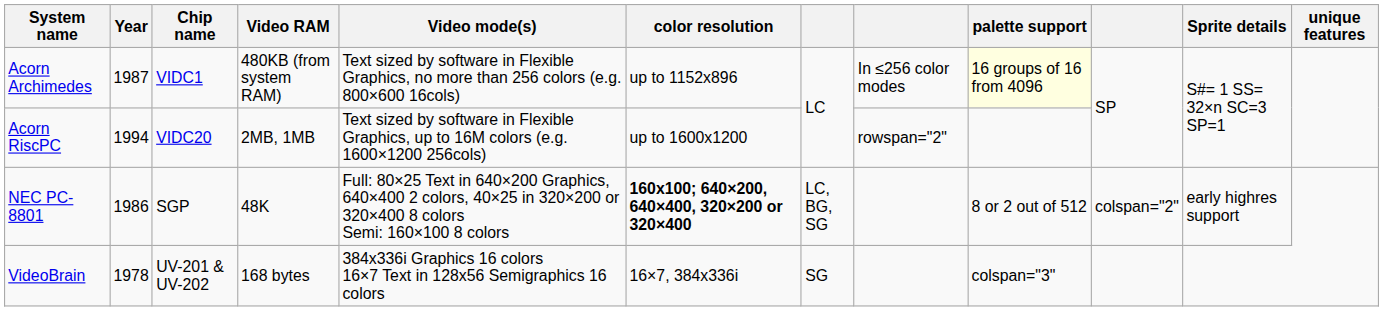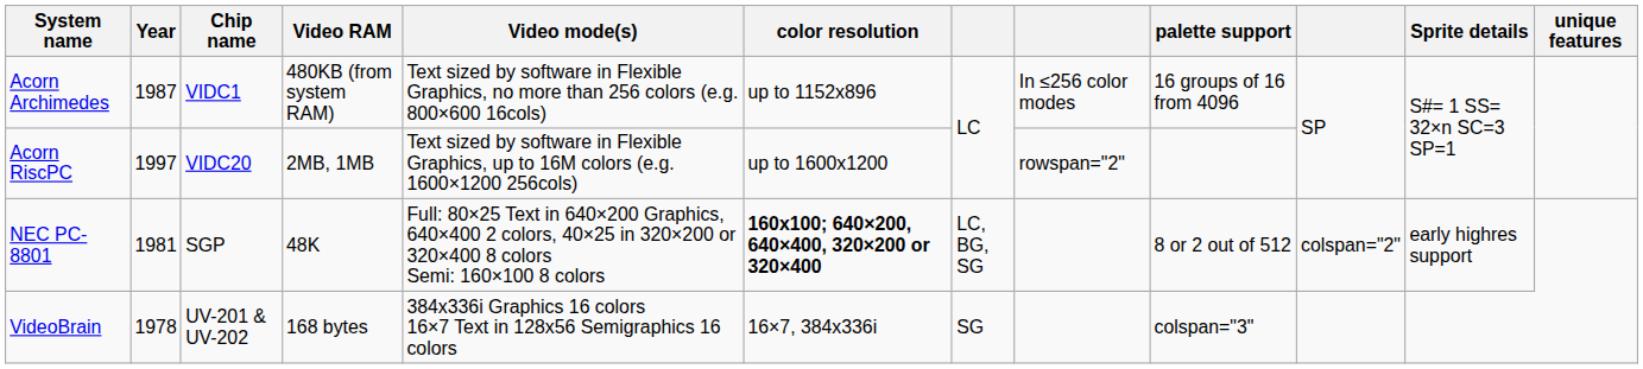 <table class="wikitable" style="font-size: 90%;">
 <tr>
 <th>System name</th>
 <th>Year</th>
 <th>Chip name</th>
 <th>Video RAM</th>
 <th>Video mode(s)</th>
 <th>color resolution</th>
 <th></th>
 <th></th>
 <th>palette support</th>
 <th></th>
 <th>Sprite details</th>
 <th>unique features</th>
 </tr>
 <tr>
 <td><a href='#'>Acorn Archimedes</a></td>
 <td>1987</td>
 <td><a href='#'>VIDC1</a></td>
 <td>480KB (from system RAM)</td>
 <td>Text sized by software in Flexible Graphics, no more than 256 colors (e.g. 800×600 16cols)</td>
 <td>up to 1152x896</td>
 <td rowspan="2">LC</td>
 <td>In ≤256 color modes</td>
-<td style="background: lightyellow;">16 groups of 16 from 4096</td>
+<td>16 groups of 16 from 4096</td>
 <td rowspan="2">SP</td>
 <td rowspan="2">S#= 1 SS= 32×n SC=3 SP=1</td>
 <td rowspan="2"></td>
 </tr>
 <tr>
 <td><a href='#'>Acorn RiscPC</a></td>
-<td>1994</td>
+<td>1997</td>
 <td><a href='#'>VIDC20</a></td>
 <td>2MB, 1MB</td>
 <td>Text sized by software in Flexible Graphics, up to 16M colors (e.g. 1600×1200 256cols)</td>
 <td>up to 1600x1200</td>
 <td>rowspan="2" </td>
 </tr>
 <tr>
 <td><a href='#'>NEC PC-8801</a></td>
-<td>1986</td>
+<td>1981</td>
 <td>SGP</td>
 <td>48K</td>
 <td>Full: 80×25 Text in 640×200 Graphics, 640×400 2 colors, 40×25 in 320×200 or 320×400 8 colors<br>Semi: 160×100 8 colors</td>
 <td><strong>160x100; 640×200, 640×400, 320×200 or 320×400</strong></td>
 <td>LC, BG, SG</td>
 <td></td>
 <td>8 or 2 out of 512</td>
 <td>colspan="2" </td>
 <td>early highres support</td>
 </tr>
 <tr>
 <td><a href='#'>VideoBrain</a></td>
 <td>1978</td>
 <td>UV-201 & UV-202</td>
 <td>168 bytes</td>
 <td>384x336i  Graphics 16 colors<br>16×7 Text in 128x56 Semigraphics 16 colors</td>
 <td>16×7, 384x336i</td>
 <td>SG</td>
 <td></td>
 <td>colspan="3" </td>
 <td></td>
 </tr>
 </table>
